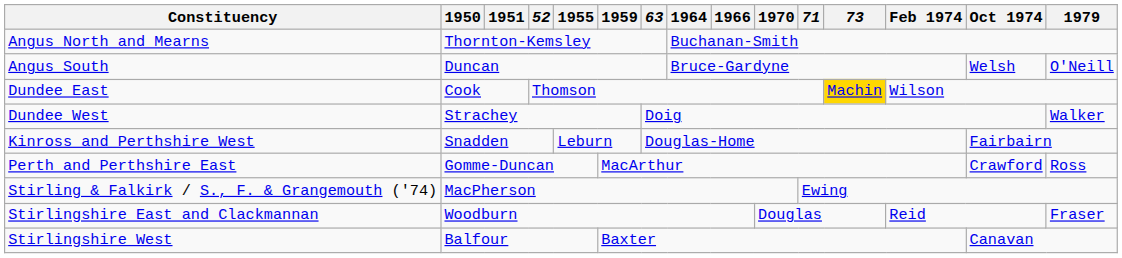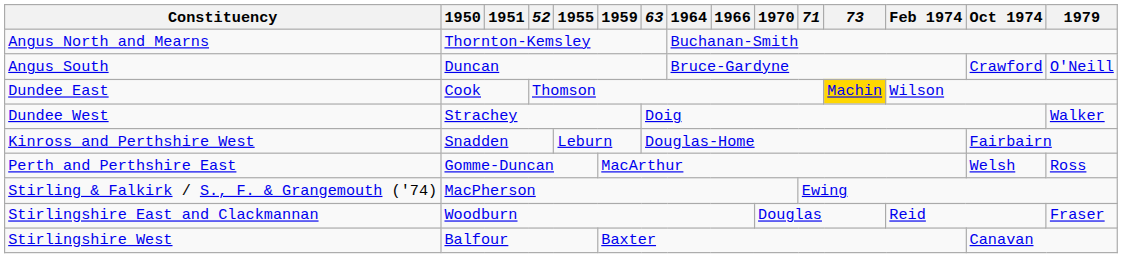 <table class="wikitable">
 <tr>
 <th>Constituency</th>
 <th>1950</th>
 <th>1951</th>
 <th><em>52</em></th>
 <th>1955</th>
 <th>1959</th>
 <th><em>63</em></th>
 <th>1964</th>
 <th>1966</th>
 <th>1970</th>
 <th><em>71</em></th>
 <th><em>73</em></th>
 <th>Feb 1974</th>
 <th>Oct 1974</th>
 <th>1979</th>
 </tr>
 <tr>
 <td><a href='#'>Angus North and Mearns</a></td>
 <td colspan="6"><a href='#'>Thornton-Kemsley</a></td>
 <td colspan="8"><a href='#'>Buchanan-Smith</a></td>
 </tr>
 <tr>
 <td><a href='#'>Angus South</a></td>
 <td colspan="6"><a href='#'>Duncan</a></td>
 <td colspan="6"><a href='#'>Bruce-Gardyne</a></td>
-<td><a href='#'>Welsh</a></td>
+<td><a href='#'>Crawford</a></td>
 <td><a href='#'>O'Neill</a></td>
 </tr>
 <tr>
 <td><a href='#'>Dundee East</a></td>
 <td colspan="2"><a href='#'>Cook</a></td>
 <td colspan="8"><a href='#'>Thomson</a></td>
 <td style="background: gold;"><a href='#'>Machin</a></td>
 <td colspan="3"><a href='#'>Wilson</a></td>
 </tr>
 <tr>
 <td><a href='#'>Dundee West</a></td>
 <td colspan="5"><a href='#'>Strachey</a></td>
 <td colspan="8"><a href='#'>Doig</a></td>
 <td><a href='#'>Walker</a></td>
 </tr>
 <tr>
 <td><a href='#'>Kinross and Perthshire West</a></td>
 <td colspan="3"><a href='#'>Snadden</a></td>
 <td colspan="2"><a href='#'>Leburn</a></td>
 <td colspan="7"><a href='#'>Douglas-Home</a></td>
 <td colspan="2"><a href='#'>Fairbairn</a></td>
 </tr>
 <tr>
 <td><a href='#'>Perth and Perthshire East</a></td>
 <td colspan="4"><a href='#'>Gomme-Duncan</a></td>
 <td colspan="8"><a href='#'>MacArthur</a></td>
-<td><a href='#'>Crawford</a></td>
+<td><a href='#'>Welsh</a></td>
 <td><a href='#'>Ross</a></td>
 </tr>
 <tr>
 <td><a href='#'>Stirling & Falkirk</a> / <a href='#'>S., F. & Grangemouth</a> ('74)</td>
 <td colspan="9"><a href='#'>MacPherson</a></td>
 <td colspan="5"><a href='#'>Ewing</a></td>
 </tr>
 <tr>
 <td><a href='#'>Stirlingshire East and Clackmannan</a></td>
 <td colspan="8"><a href='#'>Woodburn</a></td>
 <td colspan="3"><a href='#'>Douglas</a></td>
 <td colspan="2"><a href='#'>Reid</a></td>
 <td><a href='#'>Fraser</a></td>
 </tr>
 <tr>
 <td><a href='#'>Stirlingshire West</a></td>
 <td colspan="4"><a href='#'>Balfour</a></td>
 <td colspan="8"><a href='#'>Baxter</a></td>
 <td colspan="2"><a href='#'>Canavan</a></td>
 </tr>
 </table>
